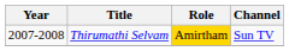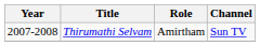 <table class="wikitable sortable">
 <tr>
 <th scope="col">Year</th>
 <th scope="col">Title</th>
 <th scope="col">Role</th>
 <th scope="col">Channel</th>
 </tr>
 <tr>
 <td>2007-2008</td>
 <td><em><a href='#'>Thirumathi Selvam</a></em></td>
-<td style="background: gold;">Amirtham</td>
+<td>Amirtham</td>
 <td><a href='#'>Sun TV</a></td>
 </tr>
 <tr>
 </tr>
 </table>
